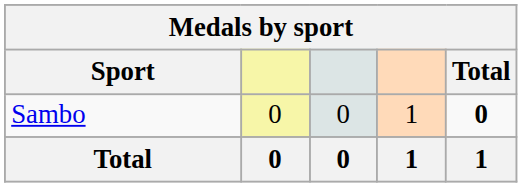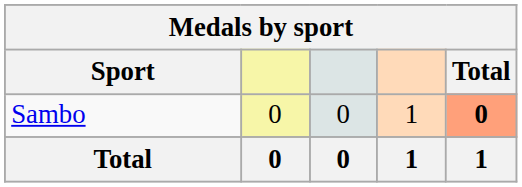 <table class="wikitable" style="font-size:90%; text-align:center;">
 <tr>
 <th colspan=5>Medals by sport</th>
 </tr>
 <tr>
 <th width=120>Sport</th>
 <th scope="col" width=30 style="background:#F7F6A8;"></th>
 <th scope="col" width=30 style="background:#DCE5E5;"></th>
 <th scope="col" width=30 style="background:#FFDAB9;"></th>
 <th width=30>Total</th>
 </tr>
 <tr>
 <td align=left> <a href='#'>Sambo</a></td>
 <td style="background:#F7F6A8;">0</td>
 <td style="background:#DCE5E5;">0</td>
 <td style="background:#FFDAB9;">1</td>
-<td><strong>0</strong></td>
+<td style="background: lightsalmon;"><strong>0</strong></td>
 </tr>
 <tr class="sortbottom">
 <th>Total</th>
 <th>0</th>
 <th>0</th>
 <th>1</th>
 <th>1</th>
 </tr>
 </table>
